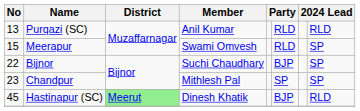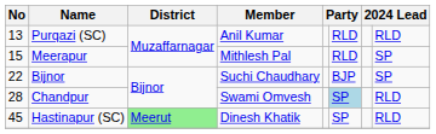 <table class="wikitable">
 <tr>
 <th>No</th>
 <th>Name</th>
 <th>District</th>
 <th>Member</th>
 <th colspan="2">Party</th>
 <th colspan="3">2024 Lead</th>
 </tr>
 <tr>
 <td>13</td>
 <td><a href='#'>Purqazi</a> (SC)</td>
 <td rowspan="2"><a href='#'>Muzaffarnagar</a></td>
 <td><a href='#'>Anil Kumar</a></td>
 <td style="background-color:"></td>
 <td><a href='#'>RLD</a></td>
 <td style="background-color:"></td>
 <td><a href='#'>RLD</a></td>
 </tr>
 <tr>
 <td>15</td>
 <td><a href='#'>Meerapur</a></td>
-<td><a href='#'>Swami Omvesh</a></td>
+<td><a href='#'>Mithlesh Pal</a></td>
 <td style="background-color:"></td>
 <td><a href='#'>RLD</a></td>
 <td style="background-color:"></td>
 <td><a href='#'>SP</a></td>
 </tr>
 <tr>
 <td>22</td>
 <td><a href='#'>Bijnor</a></td>
 <td rowspan="2"><a href='#'>Bijnor</a></td>
 <td><a href='#'>Suchi Chaudhary</a></td>
 <td style="background-color:"></td>
 <td><a href='#'>BJP</a></td>
 <td style="background-color:"></td>
 <td><a href='#'>SP</a></td>
 </tr>
 <tr>
-<td>23</td>
+<td>28</td>
 <td><a href='#'>Chandpur</a></td>
-<td><a href='#'>Mithlesh Pal</a></td>
+<td><a href='#'>Swami Omvesh</a></td>
 <td style="background-color:"></td>
-<td><a href='#'>SP</a></td>
+<td style="background: lightblue;"><a href='#'>SP</a></td>
 <td style="background-color:"></td>
-<td><a href='#'>SP</a></td>
+<td><a href='#'>RLD</a></td>
 </tr>
 <tr>
 <td>45</td>
 <td><a href='#'>Hastinapur</a> (SC)</td>
 <td style="background: lightgreen;"><a href='#'>Meerut</a></td>
 <td><a href='#'>Dinesh Khatik</a></td>
 <td style="background-color:"></td>
-<td><a href='#'>BJP</a></td>
+<td><a href='#'>SP</a></td>
 <td style="background-color:"></td>
 <td><a href='#'>RLD</a></td>
 </tr>
 <tr>
 </tr>
 </table>
